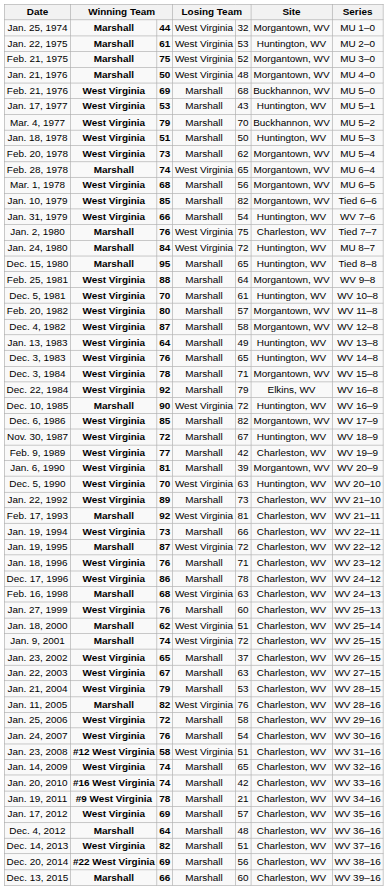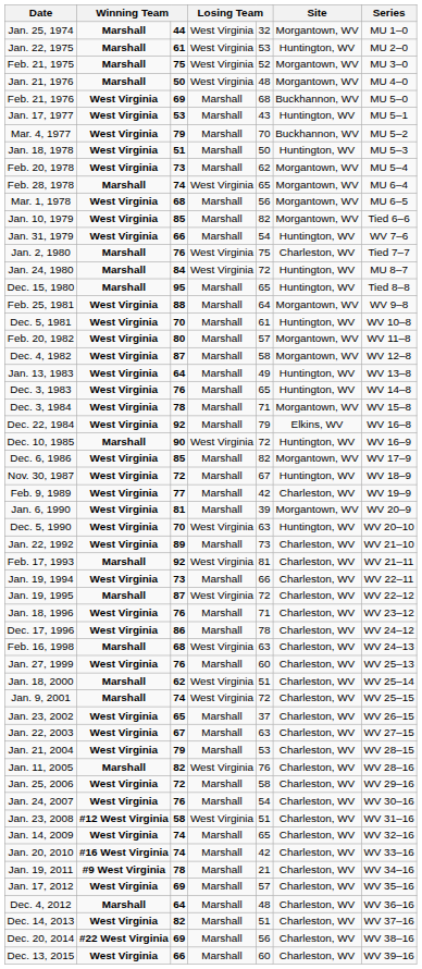 <table class="wikitable">
 <tr>
 <th bgcolor="#e5e5e5">Date</th>
 <th colspan="2" bgcolor="#e5e5e5">Winning Team</th>
 <th colspan="2" bgcolor="#e5e5e5">Losing Team</th>
 <th bgcolor="#e5e5e5">Site</th>
 <th bgcolor="#e5e5e5">Series</th>
 </tr>
 <tr align=center>
 <td>Jan. 25, 1974</td>
 <td><strong>Marshall</strong></td>
 <td><strong>44</strong></td>
 <td>West Virginia</td>
 <td>32</td>
 <td>Morgantown, WV</td>
 <td>MU 1–0</td>
 </tr>
 <tr align=center>
 <td>Jan. 22, 1975</td>
 <td><strong>Marshall</strong></td>
 <td><strong>61</strong></td>
 <td>West Virginia</td>
 <td>53</td>
 <td>Huntington, WV</td>
 <td>MU 2–0</td>
 </tr>
 <tr align=center>
 <td>Feb. 21, 1975</td>
 <td><strong>Marshall</strong></td>
 <td><strong>75</strong></td>
 <td>West Virginia</td>
 <td>52</td>
 <td>Morgantown, WV</td>
 <td>MU 3–0</td>
 </tr>
 <tr align=center>
 <td>Jan. 21, 1976</td>
 <td><strong>Marshall</strong></td>
 <td><strong>50</strong></td>
 <td>West Virginia</td>
 <td>48</td>
 <td>Morgantown, WV</td>
 <td>MU 4–0</td>
 </tr>
 <tr align=center>
 <td>Feb. 21, 1976</td>
 <td><strong>West Virginia</strong></td>
 <td><strong>69</strong></td>
 <td>Marshall</td>
 <td>68</td>
 <td>Buckhannon, WV</td>
 <td>MU 5–0</td>
 </tr>
 <tr align=center>
 <td>Jan. 17, 1977</td>
 <td><strong>West Virginia</strong></td>
 <td><strong>53</strong></td>
 <td>Marshall</td>
 <td>43</td>
 <td>Huntington, WV</td>
 <td>MU 5–1</td>
 </tr>
 <tr align=center>
 <td>Mar. 4, 1977</td>
 <td><strong>West Virginia</strong></td>
 <td><strong>79</strong></td>
 <td>Marshall</td>
 <td>70</td>
 <td>Buckhannon, WV</td>
 <td>MU 5–2</td>
 </tr>
 <tr align=center>
 <td>Jan. 18, 1978</td>
 <td><strong>West Virginia</strong></td>
 <td><strong>51</strong></td>
 <td>Marshall</td>
 <td>50</td>
 <td>Huntington, WV</td>
 <td>MU 5–3</td>
 </tr>
 <tr align=center>
 <td>Feb. 20, 1978</td>
 <td><strong>West Virginia</strong></td>
 <td><strong>73</strong></td>
 <td>Marshall</td>
 <td>62</td>
 <td>Morgantown, WV</td>
 <td>MU 5–4</td>
 </tr>
 <tr align=center>
 <td>Feb. 28, 1978</td>
 <td><strong>Marshall</strong></td>
 <td><strong>74</strong></td>
 <td>West Virginia</td>
 <td>65</td>
 <td>Morgantown, WV</td>
 <td>MU 6–4</td>
 </tr>
 <tr align=center>
 <td>Mar. 1, 1978</td>
 <td><strong>West Virginia</strong></td>
 <td><strong>68</strong></td>
 <td>Marshall</td>
 <td>56</td>
 <td>Morgantown, WV</td>
 <td>MU 6–5</td>
 </tr>
 <tr align=center>
 <td>Jan. 10, 1979</td>
 <td><strong>West Virginia</strong></td>
 <td><strong>85</strong></td>
 <td>Marshall</td>
 <td>82</td>
 <td>Morgantown, WV</td>
 <td>Tied 6–6</td>
 </tr>
 <tr align=center>
 <td>Jan. 31, 1979</td>
 <td><strong>West Virginia</strong></td>
 <td><strong>66</strong></td>
 <td>Marshall</td>
 <td>54</td>
 <td>Huntington, WV</td>
 <td>WV 7–6</td>
 </tr>
 <tr align=center>
 <td>Jan. 2, 1980</td>
 <td><strong>Marshall</strong></td>
 <td><strong>76</strong></td>
 <td>West Virginia</td>
 <td>75</td>
 <td>Charleston, WV</td>
 <td>Tied 7–7</td>
 </tr>
 <tr align=center>
 <td>Jan. 24, 1980</td>
 <td><strong>Marshall</strong></td>
 <td><strong>84</strong></td>
 <td>West Virginia</td>
 <td>72</td>
 <td>Huntington, WV</td>
 <td>MU 8–7</td>
 </tr>
 <tr align=center>
 <td>Dec. 15, 1980</td>
 <td><strong>Marshall</strong></td>
 <td><strong>95</strong></td>
 <td>Marshall</td>
 <td>65</td>
 <td>Huntington, WV</td>
 <td>Tied 8–8</td>
 </tr>
 <tr align=center>
 <td>Feb. 25, 1981</td>
 <td><strong>West Virginia</strong></td>
 <td><strong>88</strong></td>
 <td>Marshall</td>
 <td>64</td>
 <td>Morgantown, WV</td>
 <td>WV 9–8</td>
 </tr>
 <tr align=center>
 <td>Dec. 5, 1981</td>
 <td><strong>West Virginia</strong></td>
 <td><strong>70</strong></td>
 <td>Marshall</td>
 <td>61</td>
 <td>Huntington, WV</td>
 <td>WV 10–8</td>
 </tr>
 <tr align=center>
 <td>Feb. 20, 1982</td>
 <td><strong>West Virginia</strong></td>
 <td><strong>80</strong></td>
 <td>Marshall</td>
 <td>57</td>
 <td>Morgantown, WV</td>
 <td>WV 11–8</td>
 </tr>
 <tr align=center>
 <td>Dec. 4, 1982</td>
 <td><strong>West Virginia</strong></td>
 <td><strong>87</strong></td>
 <td>Marshall</td>
 <td>58</td>
 <td>Morgantown, WV</td>
 <td>WV 12–8</td>
 </tr>
 <tr align=center>
 <td>Jan. 13, 1983</td>
 <td><strong>West Virginia</strong></td>
 <td><strong>64</strong></td>
 <td>Marshall</td>
 <td>49</td>
 <td>Huntington, WV</td>
 <td>WV 13–8</td>
 </tr>
 <tr align=center>
 <td>Dec. 3, 1983</td>
 <td><strong>West Virginia</strong></td>
 <td><strong>76</strong></td>
 <td>Marshall</td>
 <td>65</td>
 <td>Huntington, WV</td>
 <td>WV 14–8</td>
 </tr>
 <tr align=center>
 <td>Dec. 3, 1984</td>
 <td><strong>West Virginia</strong></td>
 <td><strong>78</strong></td>
 <td>Marshall</td>
 <td>71</td>
 <td>Morgantown, WV</td>
 <td>WV 15–8</td>
 </tr>
 <tr align=center>
 <td>Dec. 22, 1984</td>
 <td><strong>West Virginia</strong></td>
 <td><strong>92</strong></td>
 <td>Marshall</td>
 <td>79</td>
 <td>Elkins, WV</td>
 <td>WV 16–8</td>
 </tr>
 <tr align=center>
 <td>Dec. 10, 1985</td>
 <td><strong>Marshall</strong></td>
 <td><strong>90</strong></td>
 <td>West Virginia</td>
 <td>72</td>
 <td>Huntington, WV</td>
 <td>WV 16–9</td>
 </tr>
 <tr align=center>
 <td>Dec. 6, 1986</td>
 <td><strong>West Virginia</strong></td>
 <td><strong>85</strong></td>
 <td>Marshall</td>
 <td>82</td>
 <td>Morgantown, WV</td>
 <td>WV 17–9</td>
 </tr>
 <tr align=center>
 <td>Nov. 30, 1987</td>
 <td><strong>West Virginia</strong></td>
 <td><strong>72</strong></td>
 <td>Marshall</td>
 <td>67</td>
 <td>Huntington, WV</td>
 <td>WV 18–9</td>
 </tr>
 <tr align=center>
 <td>Feb. 9, 1989</td>
 <td><strong>West Virginia</strong></td>
 <td><strong>77</strong></td>
 <td>Marshall</td>
 <td>42</td>
 <td>Charleston, WV</td>
 <td>WV 19–9</td>
 </tr>
 <tr align=center>
 <td>Jan. 6, 1990</td>
 <td><strong>West Virginia</strong></td>
 <td><strong>81</strong></td>
 <td>Marshall</td>
 <td>39</td>
 <td>Morgantown, WV</td>
 <td>WV 20–9</td>
 </tr>
 <tr align=center>
 <td>Dec. 5, 1990</td>
 <td><strong>West Virginia</strong></td>
 <td><strong>70</strong></td>
 <td>West Virginia</td>
 <td>63</td>
 <td>Huntington, WV</td>
 <td>WV 20–10</td>
 </tr>
 <tr align=center>
 <td>Jan. 22, 1992</td>
 <td><strong>West Virginia</strong></td>
 <td><strong>89</strong></td>
 <td>Marshall</td>
 <td>73</td>
 <td>Charleston, WV</td>
 <td>WV 21–10</td>
 </tr>
 <tr align=center>
 <td>Feb. 17, 1993</td>
 <td><strong>Marshall</strong></td>
 <td><strong>92</strong></td>
 <td>West Virginia</td>
 <td>81</td>
 <td>Charleston, WV</td>
 <td>WV 21–11</td>
 </tr>
 <tr align=center>
 <td>Jan. 19, 1994</td>
 <td><strong>West Virginia</strong></td>
 <td><strong>73</strong></td>
 <td>Marshall</td>
 <td>66</td>
 <td>Charleston, WV</td>
 <td>WV 22–11</td>
 </tr>
 <tr align=center>
 <td>Jan. 19, 1995</td>
 <td><strong>Marshall</strong></td>
 <td><strong>87</strong></td>
 <td>West Virginia</td>
 <td>72</td>
 <td>Charleston, WV</td>
 <td>WV 22–12</td>
 </tr>
 <tr align=center>
 <td>Jan. 18, 1996</td>
 <td><strong>West Virginia</strong></td>
 <td><strong>76</strong></td>
 <td>Marshall</td>
 <td>71</td>
 <td>Charleston, WV</td>
 <td>WV 23–12</td>
 </tr>
 <tr align=center>
 <td>Dec. 17, 1996</td>
 <td><strong>West Virginia</strong></td>
 <td><strong>86</strong></td>
 <td>Marshall</td>
 <td>78</td>
 <td>Charleston, WV</td>
 <td>WV 24–12</td>
 </tr>
 <tr align=center>
 <td>Feb. 16, 1998</td>
 <td><strong>Marshall</strong></td>
 <td><strong>68</strong></td>
 <td>West Virginia</td>
 <td>63</td>
 <td>Charleston, WV</td>
 <td>WV 24–13</td>
 </tr>
 <tr align=center>
 <td>Jan. 27, 1999</td>
 <td><strong>West Virginia</strong></td>
 <td><strong>76</strong></td>
 <td>Marshall</td>
 <td>60</td>
 <td>Charleston, WV</td>
 <td>WV 25–13</td>
 </tr>
 <tr align=center>
 <td>Jan. 18, 2000</td>
 <td><strong>Marshall</strong></td>
 <td><strong>62</strong></td>
 <td>West Virginia</td>
 <td>51</td>
 <td>Charleston, WV</td>
 <td>WV 25–14</td>
 </tr>
 <tr align=center>
 <td>Jan. 9, 2001</td>
 <td><strong>Marshall</strong></td>
 <td><strong>74</strong></td>
 <td>West Virginia</td>
 <td>72</td>
 <td>Charleston, WV</td>
 <td>WV 25–15</td>
 </tr>
 <tr align=center>
 <td>Jan. 23, 2002</td>
 <td><strong>West Virginia</strong></td>
 <td><strong>65</strong></td>
 <td>Marshall</td>
 <td>37</td>
 <td>Charleston, WV</td>
 <td>WV 26–15</td>
 </tr>
 <tr align=center>
 <td>Jan. 22, 2003</td>
 <td><strong>West Virginia</strong></td>
 <td><strong>67</strong></td>
 <td>Marshall</td>
 <td>63</td>
 <td>Charleston, WV</td>
 <td>WV 27–15</td>
 </tr>
 <tr align=center>
 <td>Jan. 21, 2004</td>
 <td><strong>West Virginia</strong></td>
 <td><strong>79</strong></td>
 <td>Marshall</td>
 <td>53</td>
 <td>Charleston, WV</td>
 <td>WV 28–15</td>
 </tr>
 <tr align=center>
 <td>Jan. 11, 2005</td>
 <td><strong>Marshall</strong></td>
 <td><strong>82</strong></td>
 <td>West Virginia</td>
 <td>76</td>
 <td>Charleston, WV</td>
 <td>WV 28–16</td>
 </tr>
 <tr align=center>
 <td>Jan. 25, 2006</td>
 <td><strong>West Virginia</strong></td>
 <td><strong>72</strong></td>
 <td>Marshall</td>
 <td>58</td>
 <td>Charleston, WV</td>
 <td>WV 29–16</td>
 </tr>
 <tr align=center>
 <td>Jan. 24, 2007</td>
 <td><strong>West Virginia</strong></td>
 <td><strong>76</strong></td>
 <td>Marshall</td>
 <td>54</td>
 <td>Charleston, WV</td>
 <td>WV 30–16</td>
 </tr>
 <tr align=center>
 <td>Jan. 23, 2008</td>
 <td><strong>#12 West Virginia</strong></td>
 <td><strong>58</strong></td>
 <td>West Virginia</td>
 <td>51</td>
 <td>Charleston, WV</td>
 <td>WV 31–16</td>
 </tr>
 <tr align=center>
 <td>Jan. 14, 2009</td>
 <td><strong>West Virginia</strong></td>
 <td><strong>74</strong></td>
 <td>Marshall</td>
 <td>65</td>
 <td>Charleston, WV</td>
 <td>WV 32–16</td>
 </tr>
 <tr align=center>
 <td>Jan. 20, 2010</td>
 <td><strong>#16 West Virginia</strong></td>
 <td><strong>74</strong></td>
 <td>Marshall</td>
 <td>42</td>
 <td>Charleston, WV</td>
 <td>WV 33–16</td>
 </tr>
 <tr align=center>
 <td>Jan. 19, 2011</td>
 <td><strong>#9 West Virginia</strong></td>
 <td><strong>78</strong></td>
 <td>Marshall</td>
 <td>21</td>
 <td>Charleston, WV</td>
 <td>WV 34–16</td>
 </tr>
 <tr align=center>
 <td>Jan. 17, 2012</td>
 <td><strong>West Virginia</strong></td>
 <td><strong>69</strong></td>
 <td>Marshall</td>
 <td>57</td>
 <td>Charleston, WV</td>
 <td>WV 35–16</td>
 </tr>
 <tr align=center>
 <td>Dec. 4, 2012</td>
 <td><strong>Marshall</strong></td>
 <td><strong>64</strong></td>
 <td>Marshall</td>
 <td>48</td>
 <td>Charleston, WV</td>
 <td>WV 36–16</td>
 </tr>
 <tr align=center>
 <td>Dec. 14, 2013</td>
 <td><strong>West Virginia</strong></td>
 <td><strong>82</strong></td>
 <td>Marshall</td>
 <td>51</td>
 <td>Charleston, WV</td>
 <td>WV 37–16</td>
 </tr>
 <tr align=center>
 <td>Dec. 20, 2014</td>
 <td><strong>#22 West Virginia</strong></td>
 <td><strong>69</strong></td>
 <td>Marshall</td>
 <td>56</td>
 <td>Charleston, WV</td>
 <td>WV 38–16</td>
 </tr>
 <tr align=center>
 <td>Dec. 13, 2015</td>
-<td><strong>Marshall</strong></td>
+<td><strong>West Virginia</strong></td>
 <td><strong>66</strong></td>
 <td>Marshall</td>
 <td>60</td>
 <td>Charleston, WV</td>
 <td>WV 39–16</td>
 </tr>
 </table>
